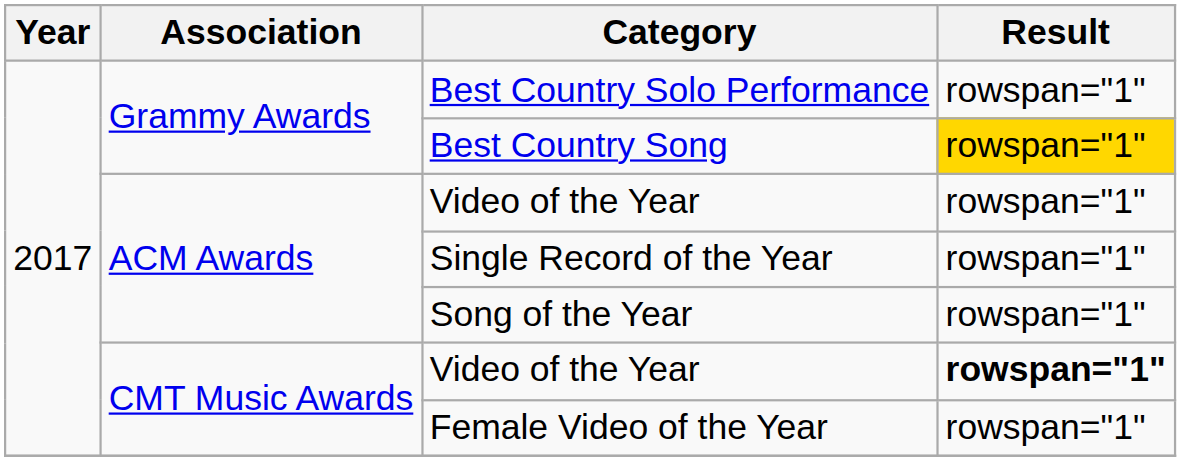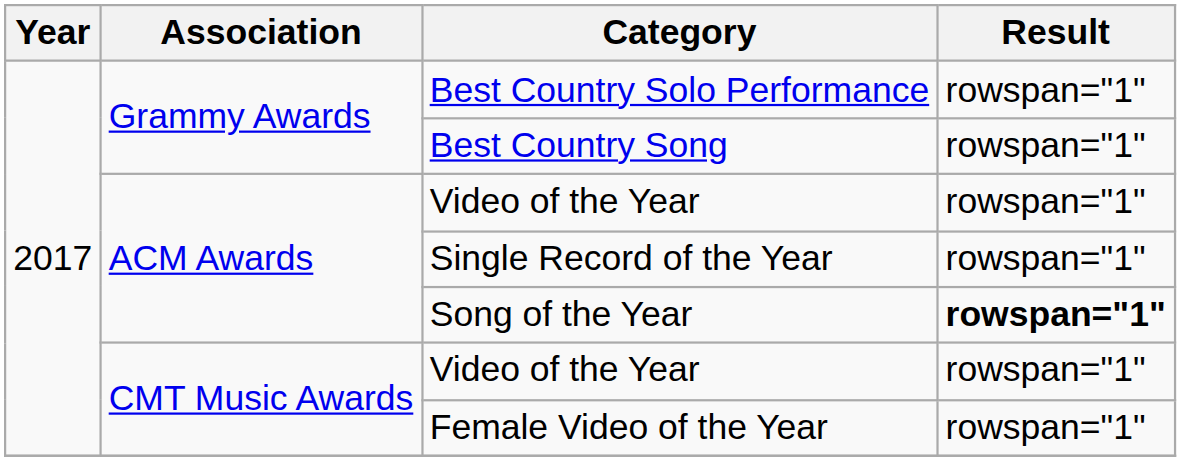 <table class="wikitable plainrowheaders">
 <tr>
 <th>Year</th>
 <th>Association</th>
 <th>Category</th>
 <th>Result</th>
 </tr>
 <tr>
 <td rowspan="7">2017</td>
 <td rowspan="2"><a href='#'>Grammy Awards</a></td>
 <td><a href='#'>Best Country Solo Performance</a></td>
 <td>rowspan="1" </td>
 </tr>
 <tr>
 <td><a href='#'>Best Country Song</a></td>
-<td style="background: gold;">rowspan="1" </td>
+<td>rowspan="1" </td>
 </tr>
 <tr>
 <td rowspan="3"><a href='#'>ACM Awards</a></td>
 <td>Video of the Year</td>
 <td>rowspan="1" </td>
 </tr>
 <tr>
 <td>Single Record of the Year</td>
 <td>rowspan="1" </td>
 </tr>
 <tr>
 <td>Song of the Year</td>
-<td>rowspan="1" </td>
+<td><strong>rowspan="1" </strong></td>
 </tr>
 <tr>
 <td rowspan="2"><a href='#'>CMT Music Awards</a></td>
 <td>Video of the Year</td>
-<td><strong>rowspan="1" </strong></td>
+<td>rowspan="1" </td>
 </tr>
 <tr>
 <td>Female Video of the Year</td>
 <td>rowspan="1" </td>
 </tr>
 <tr>
 </tr>
 </table>
